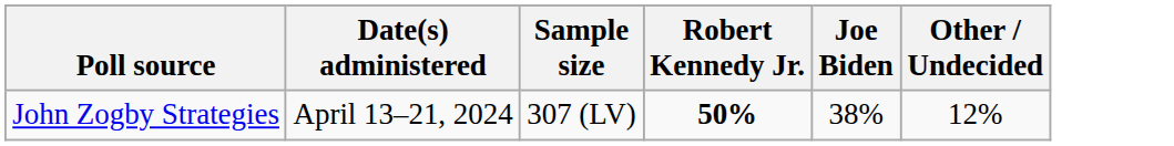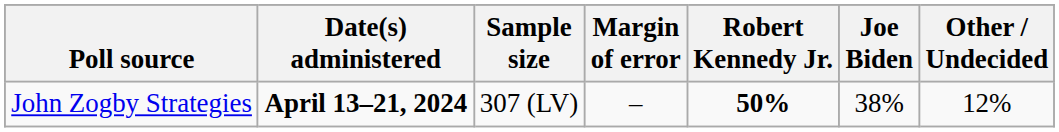 <table class="wikitable sortable mw-datatable" style="font-size:90%;text-align:center;line-height:17px">
 <tr valign=bottom>
 <th>Poll source</th>
 <th>Date(s)<br>administered</th>
 <th>Sample<br>size</th>
+<th>Margin<br>of error</th>
 <th class="unsortable">Robert<br>Kennedy Jr.<br></th>
 <th class="unsortable">Joe<br>Biden<br></th>
 <th class="unsortable">Other /<br>Undecided</th>
 </tr>
 <tr>
 <td style="text-align:left;"><a href='#'>John Zogby Strategies</a></td>
-<td data-sort-value="2024-05-01">April 13–21, 2024</td>
+<td data-sort-value="2024-05-01"><strong>April 13–21, 2024</strong></td>
 <td>307 (LV)</td>
+<td>–</td>
 <td style="background-color:"><strong>50%</strong></td>
 <td>38%</td>
 <td>12%</td>
 </tr>
 </table>
